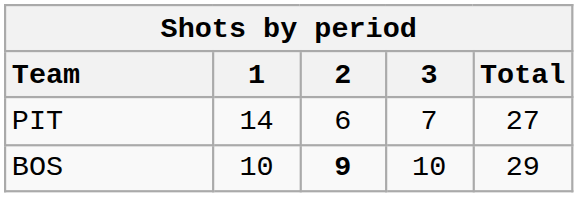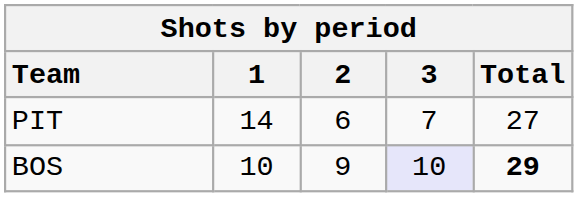 <table class="wikitable" style="width:20em; text-align:right;">
 <tr>
 <th colspan=6>Shots by period</th>
 </tr>
 <tr>
 <th style="width:8em; text-align:left;">Team</th>
 <th style="width:3em;">1</th>
 <th style="width:3em;">2</th>
 <th style="width:3em;">3</th>
 <th style="width:3em;">Total</th>
 </tr>
 <tr>
 <td style="text-align:left;">PIT</td>
 <td align=center>14</td>
 <td align=center>6</td>
 <td align=center>7</td>
 <td align=center>27</td>
 </tr>
 <tr>
 <td style="text-align:left;">BOS</td>
 <td align=center>10</td>
-<td align=center><strong>9</strong></td>
-<td align=center>10</td>
-<td align=center>29</td>
+<td align=center>9</td>
+<td align=center style="background: lavender;">10</td>
+<td align=center><strong>29</strong></td>
 </tr>
 </table>
